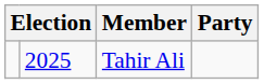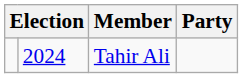 <table class="wikitable">
 <tr>
 <th colspan="2">Election</th>
 <th>Member</th>
 <th>Party</th>
 </tr>
 <tr>
 <td style="color:inherit;background-color: "></td>
-<td><a href='#'>2025</a></td>
+<td><a href='#'>2024</a></td>
 <td><a href='#'>Tahir Ali</a></td>
 <td></td>
 </tr>
 </table>
